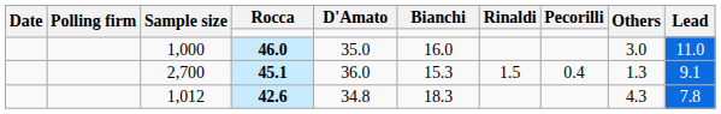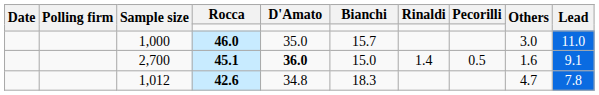 <table class=wikitable style="text-align:center;font-size:85%;line-height:13px">
 <tr>
 <th rowspan="2">Date</th>
 <th rowspan="2">Polling firm</th>
 <th rowspan="2">Sample size</th>
 <th style="width:61px;">Rocca</th>
 <th style="width:61px;">D'Amato</th>
 <th style="width:61px;">Bianchi</th>
 <th>Rinaldi</th>
 <th>Pecorilli</th>
 <th rowspan="2" style="width:35px;">Others</th>
 <th rowspan="2" style="width:35px;">Lead</th>
 </tr>
 <tr>
 <td></td>
 <td></td>
 <td></td>
 <td></td>
 <td></td>
 </tr>
 <tr>
 <td></td>
 <td></td>
 <td>1,000</td>
 <td style="background:#C8EBFF"><strong>46.0</strong></td>
 <td>35.0</td>
-<td>16.0</td>
+<td>15.7</td>
 <td></td>
 <td></td>
 <td>3.0</td>
 <td style="background:#0A6BE1; color:white;">11.0</td>
 </tr>
 <tr>
 <td></td>
 <td></td>
 <td>2,700</td>
 <td style="background:#C8EBFF"><strong>45.1</strong></td>
-<td>36.0</td>
-<td>15.3</td>
-<td>1.5</td>
-<td>0.4</td>
-<td>1.3</td>
+<td><strong>36.0</strong></td>
+<td>15.0</td>
+<td>1.4</td>
+<td>0.5</td>
+<td>1.6</td>
 <td style="background:#0A6BE1; color:white;">9.1</td>
 </tr>
 <tr>
 <td></td>
 <td></td>
 <td>1,012</td>
 <td style="background:#C8EBFF"><strong>42.6</strong></td>
 <td>34.8</td>
 <td>18.3</td>
 <td></td>
 <td></td>
-<td>4.3</td>
+<td>4.7</td>
 <td style="background:#0A6BE1; color:white;">7.8</td>
 </tr>
 </table>
